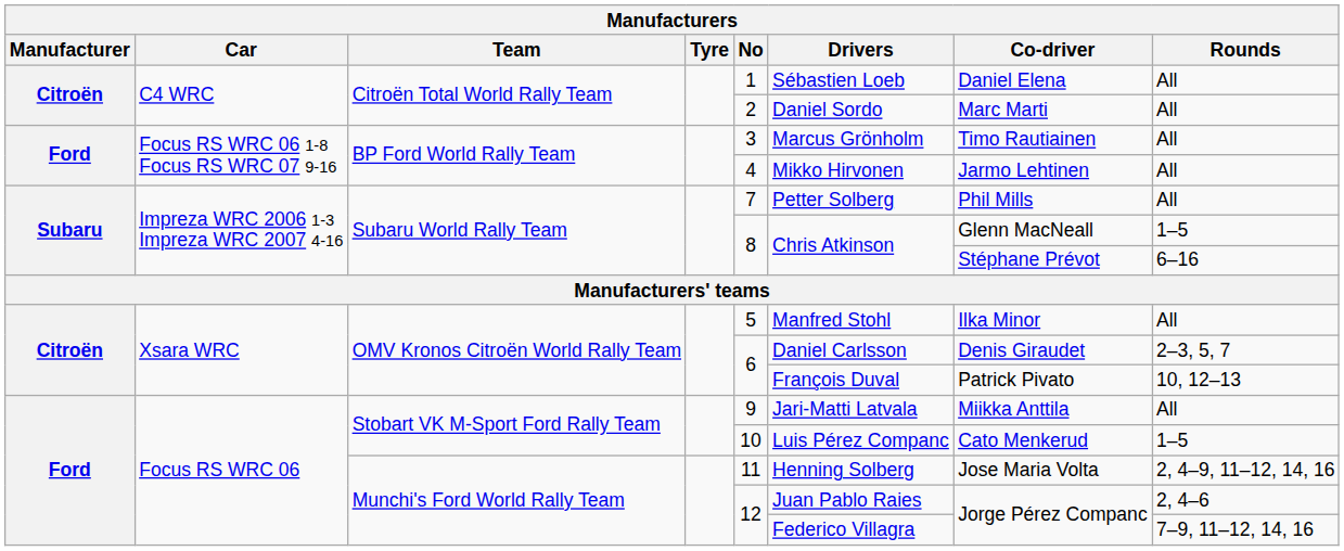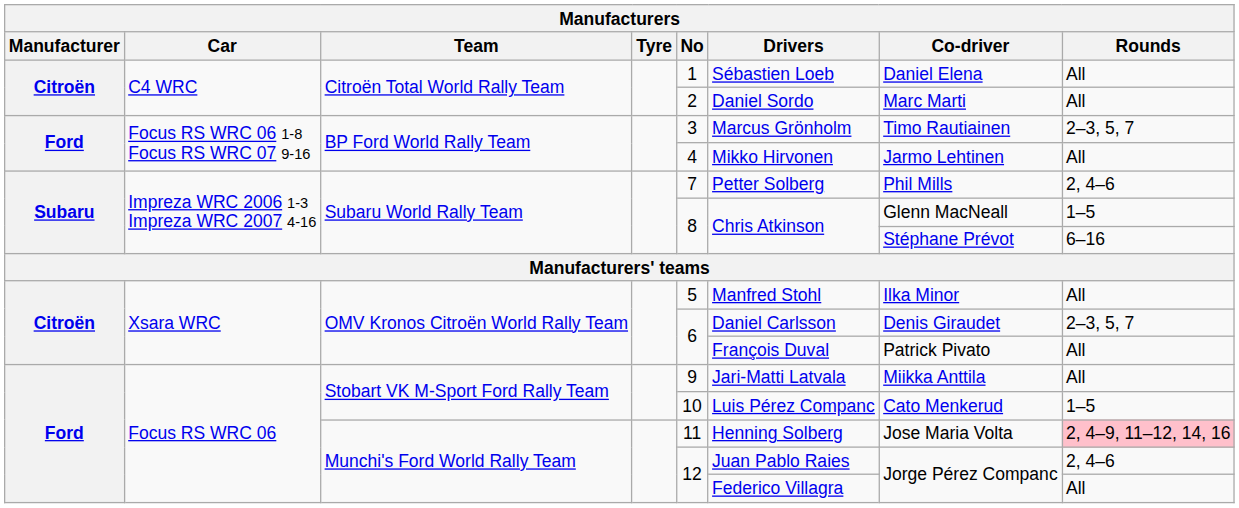 <table class="wikitable" style="font-size: 85%">
 <tr>
 <th colspan=10>Manufacturers</th>
 </tr>
 <tr>
 <th>Manufacturer</th>
 <th>Car</th>
 <th>Team</th>
 <th>Tyre</th>
 <th>No</th>
 <th>Drivers</th>
 <th>Co-driver</th>
 <th>Rounds</th>
 </tr>
 <tr>
 <th rowspan="2"><a href='#'>Citroën</a></th>
 <td rowspan="2"><a href='#'>C4 WRC</a></td>
 <td rowspan="2"> <a href='#'>Citroën Total World Rally Team</a></td>
 <td rowspan="2" align="center"></td>
 <td align="center">1</td>
 <td> <a href='#'>Sébastien Loeb</a></td>
 <td> <a href='#'>Daniel Elena</a></td>
 <td>All</td>
 </tr>
 <tr>
 <td align="center">2</td>
 <td> <a href='#'>Daniel Sordo</a></td>
 <td> <a href='#'>Marc Marti</a></td>
 <td>All</td>
 </tr>
 <tr>
 <th rowspan="2"><a href='#'>Ford</a></th>
 <td rowspan="2"><a href='#'>Focus RS WRC 06</a> <small>1-8</small><br><a href='#'>Focus RS WRC 07</a> <small>9-16</small></td>
 <td rowspan="2"> <a href='#'>BP Ford World Rally Team</a></td>
 <td rowspan="2" align="center"></td>
 <td align="center">3</td>
 <td> <a href='#'>Marcus Grönholm</a></td>
 <td> <a href='#'>Timo Rautiainen</a></td>
-<td>All</td>
+<td>2–3, 5, 7</td>
 </tr>
 <tr>
 <td align="center">4</td>
 <td> <a href='#'>Mikko Hirvonen</a></td>
 <td> <a href='#'>Jarmo Lehtinen</a></td>
 <td>All</td>
 </tr>
 <tr>
 <th rowspan="3"><a href='#'>Subaru</a></th>
 <td rowspan="3" nowrap><a href='#'>Impreza WRC 2006</a> <small>1-3</small><br><a href='#'>Impreza WRC 2007</a> <small>4-16</small></td>
 <td rowspan="3"> <a href='#'>Subaru World Rally Team</a></td>
 <td rowspan="3" align="center"></td>
 <td align="center">7</td>
 <td> <a href='#'>Petter Solberg</a></td>
 <td> <a href='#'>Phil Mills</a></td>
-<td>All</td>
+<td>2, 4–6</td>
 </tr>
 <tr>
 <td rowspan=2 align="center">8</td>
 <td rowspan=2> <a href='#'>Chris Atkinson</a></td>
 <td> Glenn MacNeall</td>
 <td>1–5</td>
 </tr>
 <tr>
 <td> <a href='#'>Stéphane Prévot</a></td>
 <td>6–16</td>
 </tr>
 <tr>
 <th colspan=10>Manufacturers' teams</th>
 </tr>
 <tr>
 <th rowspan=3><a href='#'>Citroën</a></th>
 <td rowspan=3><a href='#'>Xsara WRC</a></td>
 <td rowspan=3 nowrap> <a href='#'>OMV Kronos Citroën World Rally Team</a></td>
 <td rowspan=3 align="center"></td>
 <td align="center">5</td>
 <td> <a href='#'>Manfred Stohl</a></td>
 <td> <a href='#'>Ilka Minor</a></td>
 <td>All</td>
 </tr>
 <tr>
 <td rowspan=2 align="center">6</td>
 <td> <a href='#'>Daniel Carlsson</a></td>
 <td> <a href='#'>Denis Giraudet</a></td>
 <td>2–3, 5, 7</td>
 </tr>
 <tr>
 <td> <a href='#'>François Duval</a></td>
 <td> Patrick Pivato</td>
-<td>10, 12–13</td>
+<td>All</td>
 </tr>
 <tr>
 <th rowspan=5><a href='#'>Ford</a></th>
 <td rowspan=5><a href='#'>Focus RS WRC 06</a></td>
 <td rowspan="2"> <a href='#'>Stobart VK M-Sport Ford Rally Team</a></td>
 <td rowspan="2" align="center"></td>
 <td align="center">9</td>
 <td> <a href='#'>Jari-Matti Latvala</a></td>
 <td> <a href='#'>Miikka Anttila</a></td>
 <td>All</td>
 </tr>
 <tr>
 <td align="center">10</td>
 <td nowrap> <a href='#'>Luis Pérez Companc</a></td>
 <td> <a href='#'>Cato Menkerud</a></td>
 <td>1–5</td>
 </tr>
 <tr>
 <td rowspan=3> <a href='#'>Munchi's Ford World Rally Team</a></td>
 <td rowspan=3 align="center"></td>
 <td align="center">11</td>
 <td> <a href='#'>Henning Solberg</a></td>
 <td nowrap> Jose Maria Volta</td>
-<td nowrap>2, 4–9, 11–12, 14, 16</td>
+<td nowrap style="background: pink;">2, 4–9, 11–12, 14, 16</td>
 </tr>
 <tr>
 <td rowspan=2 align="center">12</td>
 <td> <a href='#'>Juan Pablo Raies</a></td>
 <td rowspan=2 nowrap> Jorge Pérez Companc</td>
 <td>2, 4–6</td>
 </tr>
 <tr>
 <td> <a href='#'>Federico Villagra</a></td>
-<td nowrap>7–9, 11–12, 14, 16</td>
+<td>All</td>
 </tr>
 </table>
